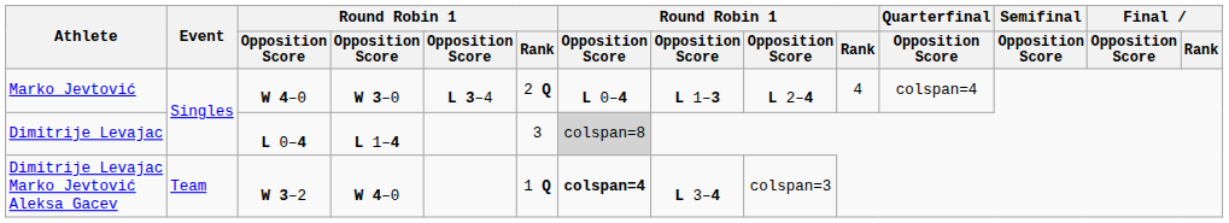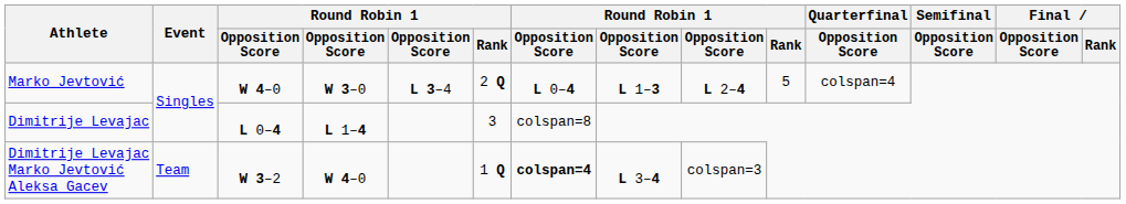 <table class=wikitable style="font-size:90%">
 <tr>
 <th rowspan=2>Athlete</th>
 <th rowspan=2>Event</th>
 <th colspan=4>Round Robin 1</th>
 <th colspan=4>Round Robin 1</th>
 <th>Quarterfinal</th>
 <th>Semifinal</th>
 <th colspan=2>Final / </th>
 </tr>
 <tr style="font-size:95%">
 <th>Opposition<br>Score</th>
 <th>Opposition<br>Score</th>
 <th>Opposition<br>Score</th>
 <th>Rank</th>
 <th>Opposition<br>Score</th>
 <th>Opposition<br>Score</th>
 <th>Opposition<br>Score</th>
 <th>Rank</th>
 <th>Opposition<br>Score</th>
 <th>Opposition<br>Score</th>
 <th>Opposition<br>Score</th>
 <th>Rank</th>
 </tr>
 <tr align=center>
 <td align=left><a href='#'>Marko Jevtović</a></td>
 <td align=left rowspan=2><a href='#'>Singles</a></td>
 <td><br><strong>W</strong> <strong>4</strong>–0</td>
 <td><br><strong>W</strong> <strong>3</strong>–0</td>
 <td><br><strong>L</strong> <strong>3</strong>–4</td>
 <td>2 <strong>Q</strong></td>
 <td><br><strong>L</strong> 0–<strong>4</strong></td>
 <td><br><strong>L</strong> 1–<strong>3</strong></td>
 <td><br><strong>L</strong> 2–<strong>4</strong></td>
-<td>4</td>
+<td>5</td>
 <td>colspan=4 </td>
 </tr>
 <tr align=center>
 <td align=left><a href='#'>Dimitrije Levajac</a></td>
 <td><br><strong>L</strong> 0–<strong>4</strong></td>
 <td><br><strong>L</strong> 1–<strong>4</strong></td>
 <td></td>
 <td>3</td>
-<td style="background: lightgrey;">colspan=8 </td>
+<td>colspan=8 </td>
 </tr>
 <tr align=center>
 <td align=left><a href='#'>Dimitrije Levajac</a><br><a href='#'>Marko Jevtović</a><br><a href='#'>Aleksa Gacev</a></td>
 <td align=left><a href='#'>Team</a></td>
 <td><br><strong>W</strong> <strong>3</strong>–2</td>
 <td><br><strong>W</strong> <strong>4</strong>–0</td>
 <td></td>
 <td>1 <strong>Q</strong></td>
 <td><strong>colspan=4</strong></td>
 <td><br><strong>L</strong> 3–<strong>4</strong></td>
 <td>colspan=3 </td>
 </tr>
 </table>
